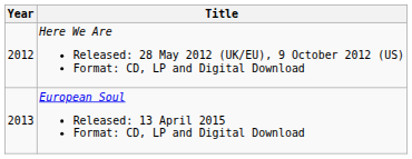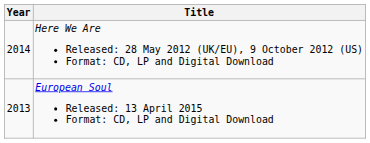 <table class="wikitable">
 <tr>
 <th>Year</th>
 <th>Title</th>
 </tr>
 <tr>
-<td>2012</td>
+<td>2014</td>
 <td><em>Here We Are</em><br><ul><li>Released: 28 May 2012 (UK/EU), 9 October 2012 (US)</li><li>Format: CD, LP and Digital Download</li></ul></td>
 </tr>
 <tr>
 <td>2013</td>
 <td><em><a href='#'>European Soul</a></em><br><ul><li>Released: 13 April 2015</li><li>Format: CD, LP and Digital Download</li></ul></td>
 </tr>
 </table>
